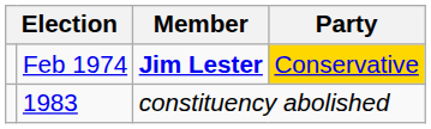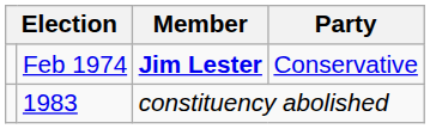 <table class="wikitable">
 <tr>
 <th colspan="2">Election</th>
 <th>Member</th>
 <th>Party</th>
 </tr>
 <tr>
 <td style="color:inherit;background-color: "></td>
 <td><a href='#'>Feb 1974</a></td>
 <td><strong><a href='#'>Jim Lester</a></strong></td>
-<td style="background: gold;"><a href='#'>Conservative</a></td>
+<td><a href='#'>Conservative</a></td>
 </tr>
 <tr>
 <td></td>
 <td><a href='#'>1983</a></td>
 <td colspan="2"><em>constituency abolished</em></td>
 </tr>
 </table>
